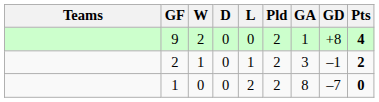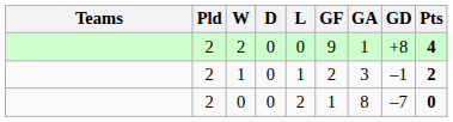 <table class="wikitable" style="text-align: center;">
 <tr>
 <th width=165>Teams</th>
-<th width=20>GF</th>
+<th width=20>Pld</th>
 <th width=20>W</th>
 <th width=20>D</th>
 <th width=20>L</th>
-<th width=20>Pld</th>
+<th width=20>GF</th>
 <th width=20>GA</th>
 <th width=20>GD</th>
 <th width=20>Pts</th>
 </tr>
 <tr align=center style="background:#ccffcc;">
 <td style="text-align:left;"></td>
-<td>9</td>
+<td>2</td>
 <td>2</td>
 <td>0</td>
 <td>0</td>
-<td>2</td>
+<td>9</td>
 <td>1</td>
 <td>+8</td>
 <td><strong>4</strong></td>
 </tr>
 <tr align=center>
 <td style="text-align:left;"></td>
 <td>2</td>
 <td>1</td>
 <td>0</td>
 <td>1</td>
 <td>2</td>
 <td>3</td>
 <td>–1</td>
 <td><strong>2</strong></td>
 </tr>
 <tr align=center>
 <td style="text-align:left;"></td>
-<td>1</td>
+<td>2</td>
 <td>0</td>
 <td>0</td>
 <td>2</td>
-<td>2</td>
+<td>1</td>
 <td>8</td>
 <td>–7</td>
 <td><strong>0</strong></td>
 </tr>
 </table>
